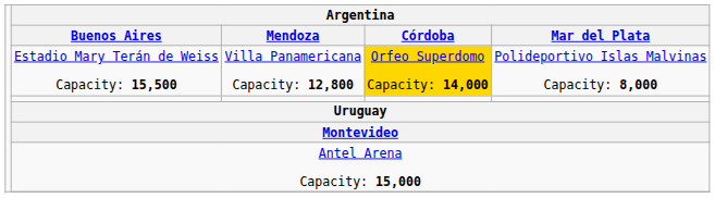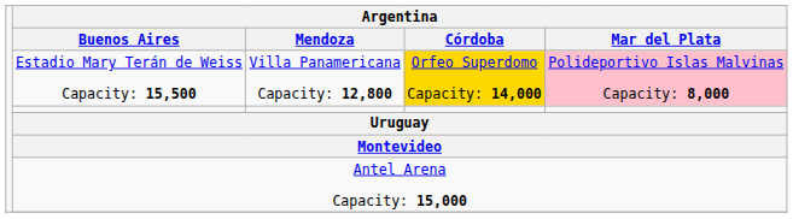 <table class="wikitable" style="margin:1em auto; text-align:center">
 <tr>
 <td rowspan=8text-align="center"></td>
 <th colspan=4>Argentina</th>
 </tr>
 <tr>
 <th><a href='#'>Buenos Aires</a></th>
 <th><a href='#'>Mendoza</a></th>
 <th><a href='#'>Córdoba</a></th>
 <th><a href='#'>Mar del Plata</a></th>
 </tr>
 <tr>
 <td><a href='#'>Estadio Mary Terán de Weiss</a><br><br>Capacity: <strong>15,500</strong></td>
 <td><a href='#'>Villa Panamericana</a><br><br>Capacity: <strong>12,800</strong></td>
 <td style="background: gold;"><a href='#'>Orfeo Superdomo</a><br><br>Capacity: <strong>14,000</strong></td>
-<td><a href='#'>Polideportivo Islas Malvinas</a><br><br>Capacity: <strong>8,000</strong></td>
+<td style="background: pink;"><a href='#'>Polideportivo Islas Malvinas</a><br><br>Capacity: <strong>8,000</strong></td>
 </tr>
 <tr>
 <td></td>
 <td></td>
 <td></td>
 <td></td>
 </tr>
 <tr>
 <th colspan=4>Uruguay</th>
 </tr>
 <tr>
 <th colspan=4><a href='#'>Montevideo</a></th>
 </tr>
 <tr>
 <td colspan=4><a href='#'>Antel Arena</a> <br><br>Capacity: <strong>15,000</strong><br></td>
 </tr>
 <tr>
 </tr>
 </table>
